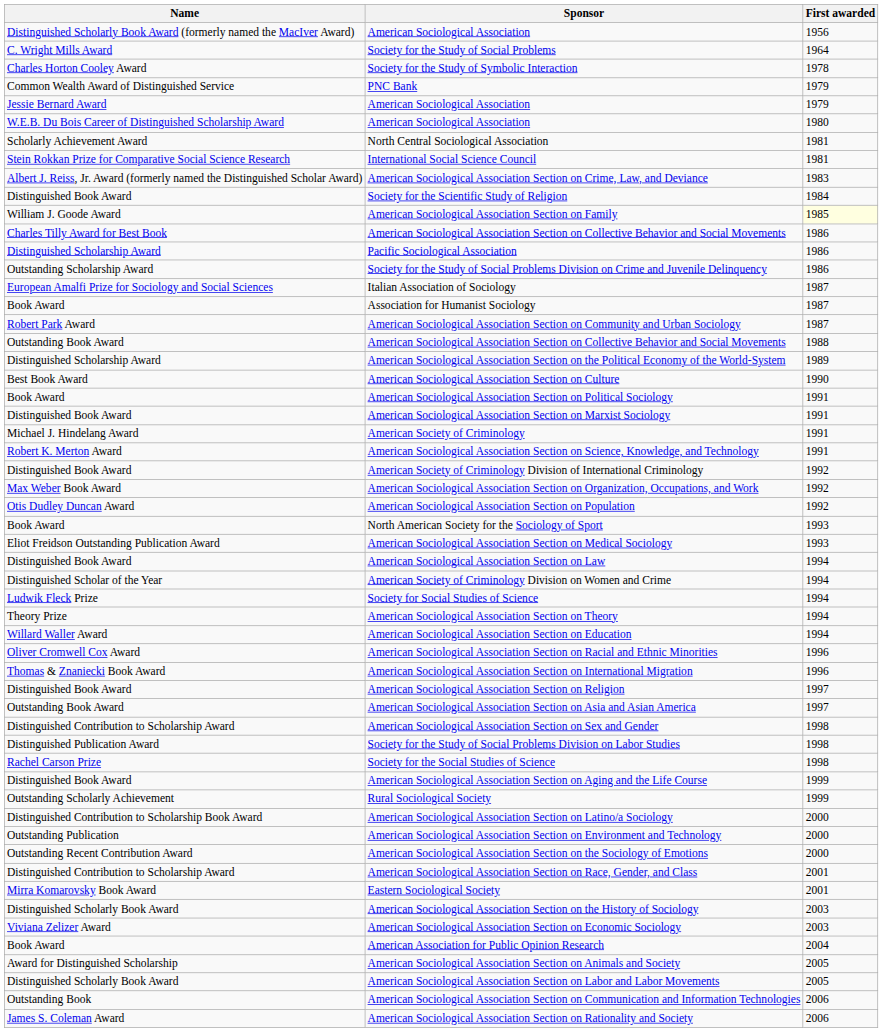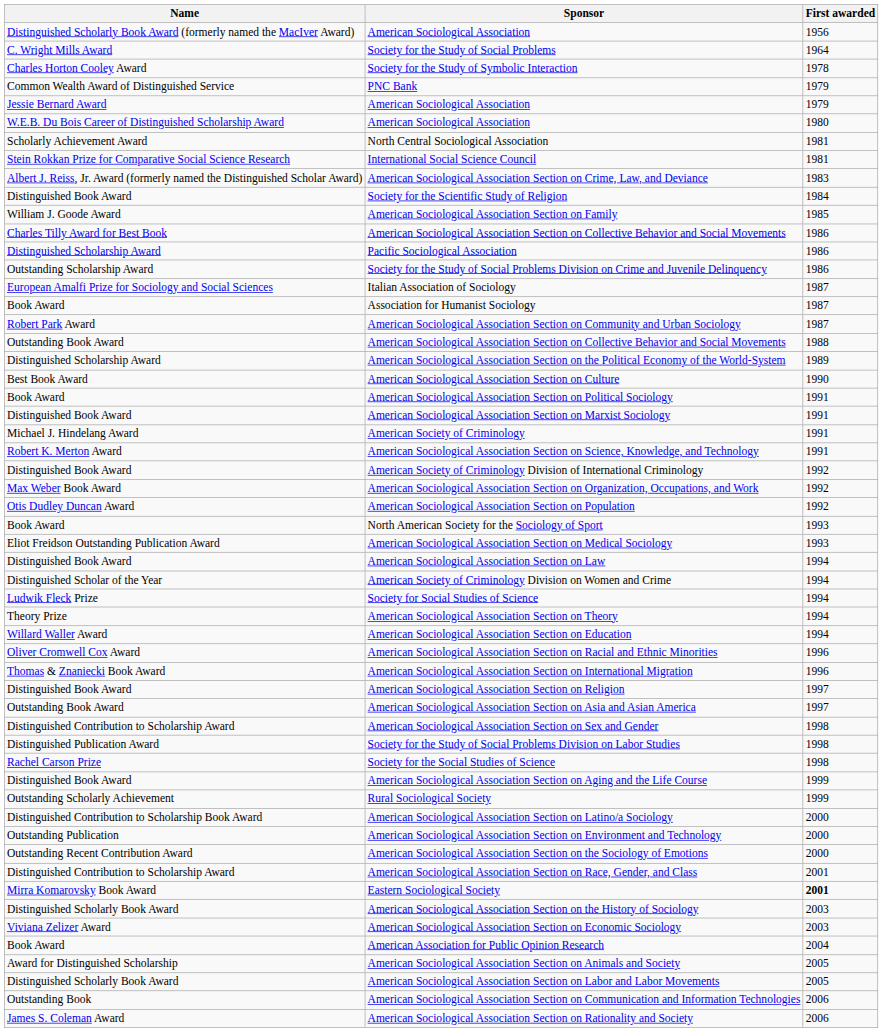 <table class="wikitable sortable">
 <tr>
 <th>Name</th>
 <th>Sponsor</th>
 <th>First awarded</th>
 </tr>
 <tr>
 <td><a href='#'>Distinguished Scholarly Book Award</a> (formerly named the <a href='#'>MacIver</a> Award)</td>
 <td><a href='#'>American Sociological Association</a></td>
 <td>1956</td>
 </tr>
 <tr>
 <td><a href='#'>C. Wright Mills Award</a></td>
 <td><a href='#'>Society for the Study of Social Problems</a></td>
 <td>1964</td>
 </tr>
 <tr>
 <td><a href='#'>Charles Horton Cooley</a> Award</td>
 <td><a href='#'>Society for the Study of Symbolic Interaction</a></td>
 <td>1978</td>
 </tr>
 <tr>
 <td>Common Wealth Award of Distinguished Service</td>
 <td><a href='#'>PNC Bank</a></td>
 <td>1979</td>
 </tr>
 <tr>
 <td><a href='#'>Jessie Bernard Award</a></td>
 <td><a href='#'>American Sociological Association</a></td>
 <td>1979</td>
 </tr>
 <tr>
 <td><a href='#'>W.E.B. Du Bois Career of Distinguished Scholarship Award</a></td>
 <td><a href='#'>American Sociological Association</a></td>
 <td>1980</td>
 </tr>
 <tr>
 <td>Scholarly Achievement Award</td>
 <td>North Central Sociological Association</td>
 <td>1981</td>
 </tr>
 <tr>
 <td><a href='#'>Stein Rokkan Prize for Comparative Social Science Research</a></td>
 <td><a href='#'>International Social Science Council</a></td>
 <td>1981</td>
 </tr>
 <tr>
 <td><a href='#'>Albert J. Reiss</a>, Jr. Award (formerly named the Distinguished Scholar Award)</td>
 <td><a href='#'>American Sociological Association Section on Crime, Law, and Deviance</a></td>
 <td>1983</td>
 </tr>
 <tr>
 <td>Distinguished Book Award</td>
 <td><a href='#'>Society for the Scientific Study of Religion</a></td>
 <td>1984</td>
 </tr>
 <tr>
 <td>William J. Goode Award</td>
 <td><a href='#'>American Sociological Association Section on Family</a></td>
-<td style="background: lightyellow;">1985</td>
+<td>1985</td>
 </tr>
 <tr>
 <td><a href='#'>Charles Tilly Award for Best Book</a></td>
 <td><a href='#'>American Sociological Association Section on Collective Behavior and Social Movements</a></td>
 <td>1986</td>
 </tr>
 <tr>
 <td><a href='#'>Distinguished Scholarship Award</a></td>
 <td><a href='#'>Pacific Sociological Association</a></td>
 <td>1986</td>
 </tr>
 <tr>
 <td>Outstanding Scholarship Award</td>
 <td><a href='#'>Society for the Study of Social Problems Division on Crime and Juvenile Delinquency</a></td>
 <td>1986</td>
 </tr>
 <tr>
 <td><a href='#'>European Amalfi Prize for Sociology and Social Sciences</a></td>
 <td>Italian Association of Sociology</td>
 <td>1987</td>
 </tr>
 <tr>
 <td>Book Award</td>
 <td>Association for Humanist Sociology</td>
 <td>1987</td>
 </tr>
 <tr>
 <td><a href='#'>Robert Park</a> Award</td>
 <td><a href='#'>American Sociological Association Section on Community and Urban Sociology</a></td>
 <td>1987</td>
 </tr>
 <tr>
 <td>Outstanding Book Award</td>
 <td><a href='#'>American Sociological Association Section on Collective Behavior and Social Movements</a></td>
 <td>1988</td>
 </tr>
 <tr>
 <td>Distinguished Scholarship Award</td>
 <td><a href='#'>American Sociological Association Section on the Political Economy of the World-System</a></td>
 <td>1989</td>
 </tr>
 <tr>
 <td>Best Book Award</td>
 <td><a href='#'>American Sociological Association Section on Culture</a></td>
 <td>1990</td>
 </tr>
 <tr>
 <td>Book Award</td>
 <td><a href='#'>American Sociological Association Section on Political Sociology</a></td>
 <td>1991</td>
 </tr>
 <tr>
 <td>Distinguished Book Award</td>
 <td><a href='#'>American Sociological Association Section on Marxist Sociology</a></td>
 <td>1991</td>
 </tr>
 <tr>
 <td>Michael J. Hindelang Award</td>
 <td><a href='#'>American Society of Criminology</a></td>
 <td>1991</td>
 </tr>
 <tr>
 <td><a href='#'>Robert K. Merton</a> Award</td>
 <td><a href='#'>American Sociological Association Section on Science, Knowledge, and Technology</a></td>
 <td>1991</td>
 </tr>
 <tr>
 <td>Distinguished Book Award</td>
 <td><a href='#'>American Society of Criminology</a> Division of International Criminology</td>
 <td>1992</td>
 </tr>
 <tr>
 <td><a href='#'>Max Weber</a> Book Award</td>
 <td><a href='#'>American Sociological Association Section on Organization, Occupations, and Work</a></td>
 <td>1992</td>
 </tr>
 <tr>
 <td><a href='#'>Otis Dudley Duncan</a> Award</td>
 <td><a href='#'>American Sociological Association Section on Population</a></td>
 <td>1992</td>
 </tr>
 <tr>
 <td>Book Award</td>
 <td>North American Society for the <a href='#'>Sociology of Sport</a></td>
 <td>1993</td>
 </tr>
 <tr>
 <td>Eliot Freidson Outstanding Publication Award</td>
 <td><a href='#'>American Sociological Association Section on Medical Sociology</a></td>
 <td>1993</td>
 </tr>
 <tr>
 <td>Distinguished Book Award</td>
 <td><a href='#'>American Sociological Association Section on Law</a></td>
 <td>1994</td>
 </tr>
 <tr>
 <td>Distinguished Scholar of the Year</td>
 <td><a href='#'>American Society of Criminology</a> Division on Women and Crime</td>
 <td>1994</td>
 </tr>
 <tr>
 <td><a href='#'>Ludwik Fleck</a> Prize</td>
 <td><a href='#'>Society for Social Studies of Science</a></td>
 <td>1994</td>
 </tr>
 <tr>
 <td>Theory Prize</td>
 <td><a href='#'>American Sociological Association Section on Theory</a></td>
 <td>1994</td>
 </tr>
 <tr>
 <td><a href='#'>Willard Waller</a> Award</td>
 <td><a href='#'>American Sociological Association Section on Education</a></td>
 <td>1994</td>
 </tr>
 <tr>
 <td><a href='#'>Oliver Cromwell Cox</a> Award</td>
 <td><a href='#'>American Sociological Association Section on Racial and Ethnic Minorities</a></td>
 <td>1996</td>
 </tr>
 <tr>
 <td><a href='#'>Thomas</a> & <a href='#'>Znaniecki</a> Book Award</td>
 <td><a href='#'>American Sociological Association Section on International Migration</a></td>
 <td>1996</td>
 </tr>
 <tr>
 <td>Distinguished Book Award</td>
 <td><a href='#'>American Sociological Association Section on Religion</a></td>
 <td>1997</td>
 </tr>
 <tr>
 <td>Outstanding Book Award</td>
 <td><a href='#'>American Sociological Association Section on Asia and Asian America</a></td>
 <td>1997</td>
 </tr>
 <tr>
 <td>Distinguished Contribution to Scholarship Award</td>
 <td><a href='#'>American Sociological Association Section on Sex and Gender</a></td>
 <td>1998</td>
 </tr>
 <tr>
 <td>Distinguished Publication Award</td>
 <td><a href='#'>Society for the Study of Social Problems Division on Labor Studies</a></td>
 <td>1998</td>
 </tr>
 <tr>
 <td><a href='#'>Rachel Carson Prize</a></td>
 <td><a href='#'>Society for the Social Studies of Science</a></td>
 <td>1998</td>
 </tr>
 <tr>
 <td>Distinguished Book Award</td>
 <td><a href='#'>American Sociological Association Section on Aging and the Life Course</a></td>
 <td>1999</td>
 </tr>
 <tr>
 <td>Outstanding Scholarly Achievement</td>
 <td><a href='#'>Rural Sociological Society</a></td>
 <td>1999</td>
 </tr>
 <tr>
 <td>Distinguished Contribution to Scholarship Book Award</td>
 <td><a href='#'>American Sociological Association Section on Latino/a Sociology</a></td>
 <td>2000</td>
 </tr>
 <tr>
 <td>Outstanding Publication</td>
 <td><a href='#'>American Sociological Association Section on Environment and Technology</a></td>
 <td>2000</td>
 </tr>
 <tr>
 <td>Outstanding Recent Contribution Award</td>
 <td><a href='#'>American Sociological Association Section on the Sociology of Emotions</a></td>
 <td>2000</td>
 </tr>
 <tr>
 <td>Distinguished Contribution to Scholarship Award</td>
 <td><a href='#'>American Sociological Association Section on Race, Gender, and Class</a></td>
 <td>2001</td>
 </tr>
 <tr>
 <td><a href='#'>Mirra Komarovsky</a> Book Award</td>
 <td><a href='#'>Eastern Sociological Society</a></td>
-<td>2001</td>
+<td><strong>2001</strong></td>
 </tr>
 <tr>
 <td>Distinguished Scholarly Book Award</td>
 <td><a href='#'>American Sociological Association Section on the History of Sociology</a></td>
 <td>2003</td>
 </tr>
 <tr>
 <td><a href='#'>Viviana Zelizer</a> Award</td>
 <td><a href='#'>American Sociological Association Section on Economic Sociology</a></td>
 <td>2003</td>
 </tr>
 <tr>
 <td>Book Award</td>
 <td><a href='#'>American Association for Public Opinion Research</a></td>
 <td>2004</td>
 </tr>
 <tr>
 <td>Award for Distinguished Scholarship</td>
 <td><a href='#'>American Sociological Association Section on Animals and Society</a></td>
 <td>2005</td>
 </tr>
 <tr>
 <td>Distinguished Scholarly Book Award</td>
 <td><a href='#'>American Sociological Association Section on Labor and Labor Movements</a></td>
 <td>2005</td>
 </tr>
 <tr>
 <td>Outstanding Book</td>
 <td><a href='#'>American Sociological Association Section on Communication and Information Technologies</a></td>
 <td>2006</td>
 </tr>
 <tr>
 <td><a href='#'>James S. Coleman</a> Award</td>
 <td><a href='#'>American Sociological Association Section on Rationality and Society</a></td>
 <td>2006</td>
 </tr>
 </table>
